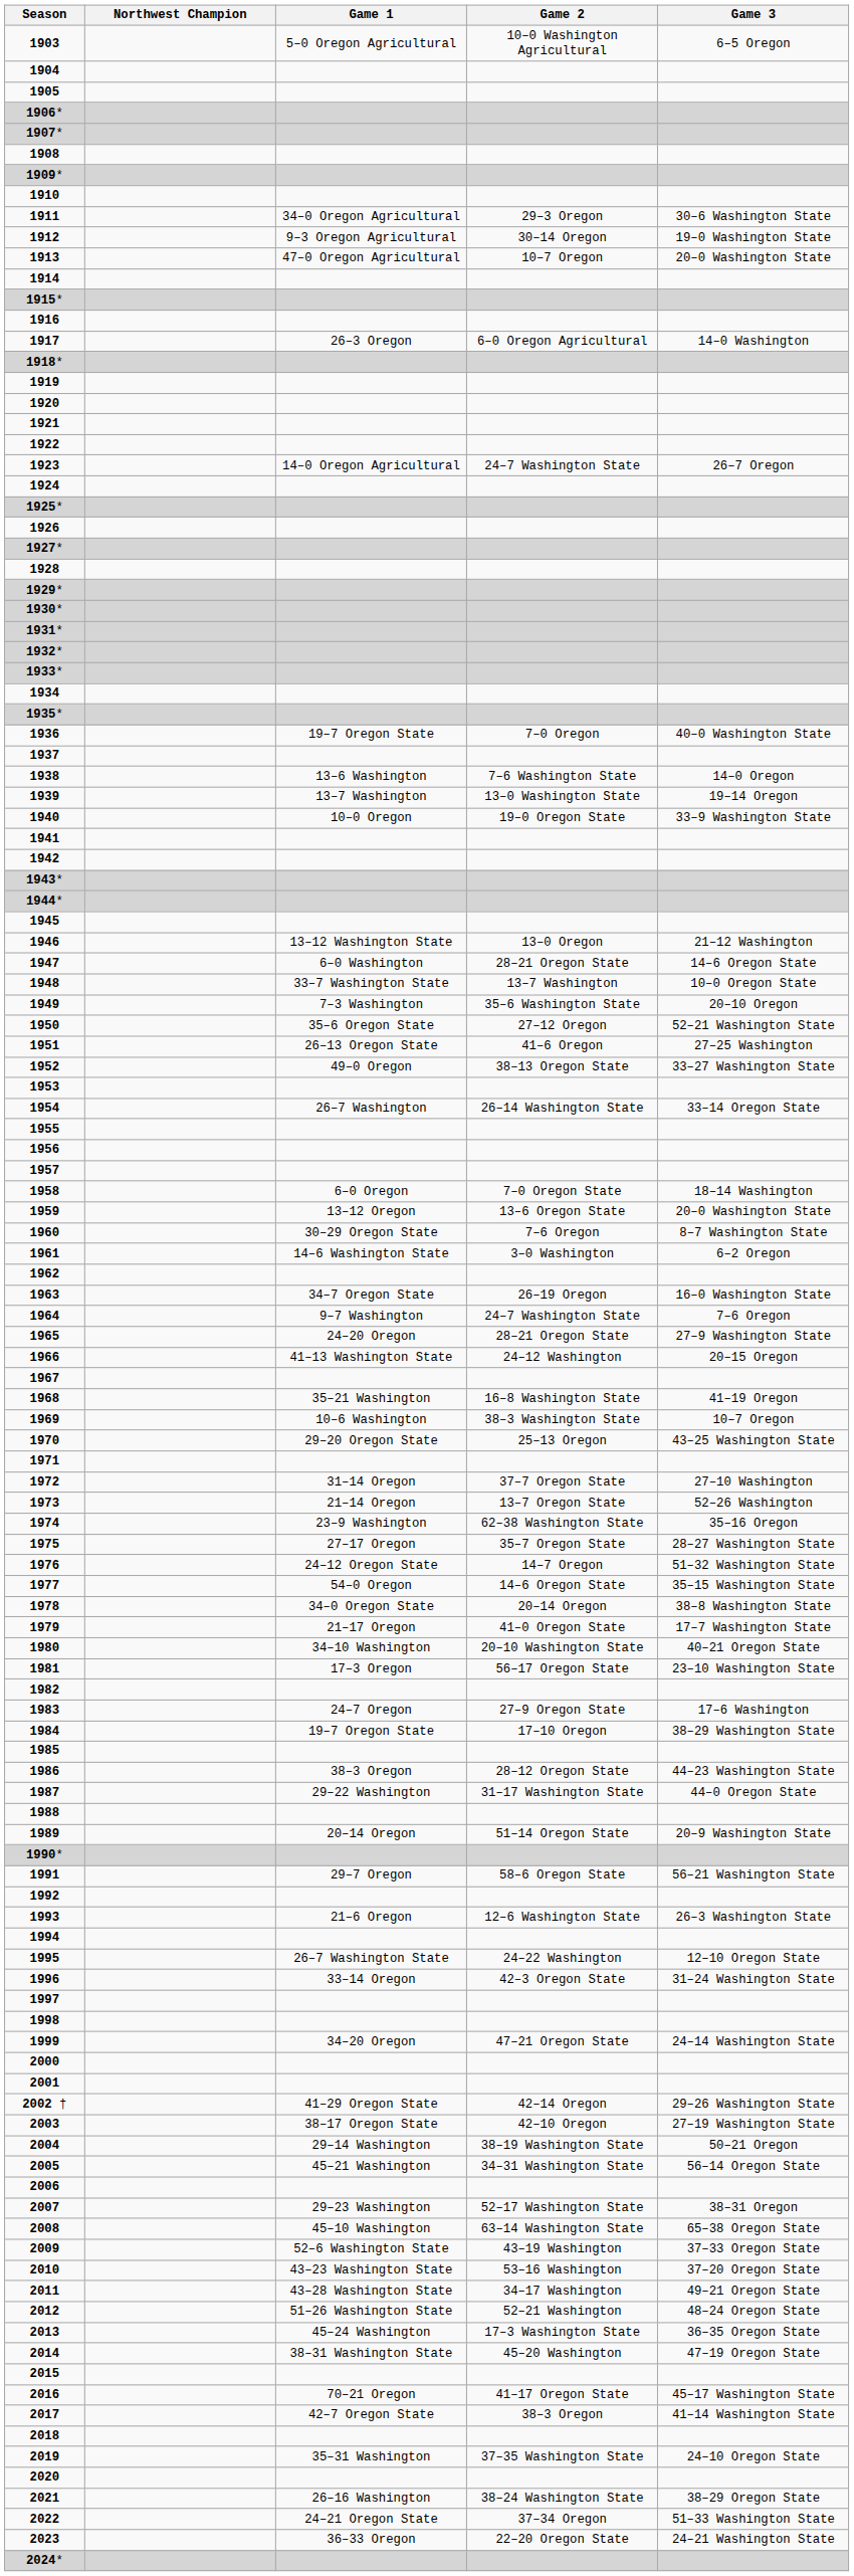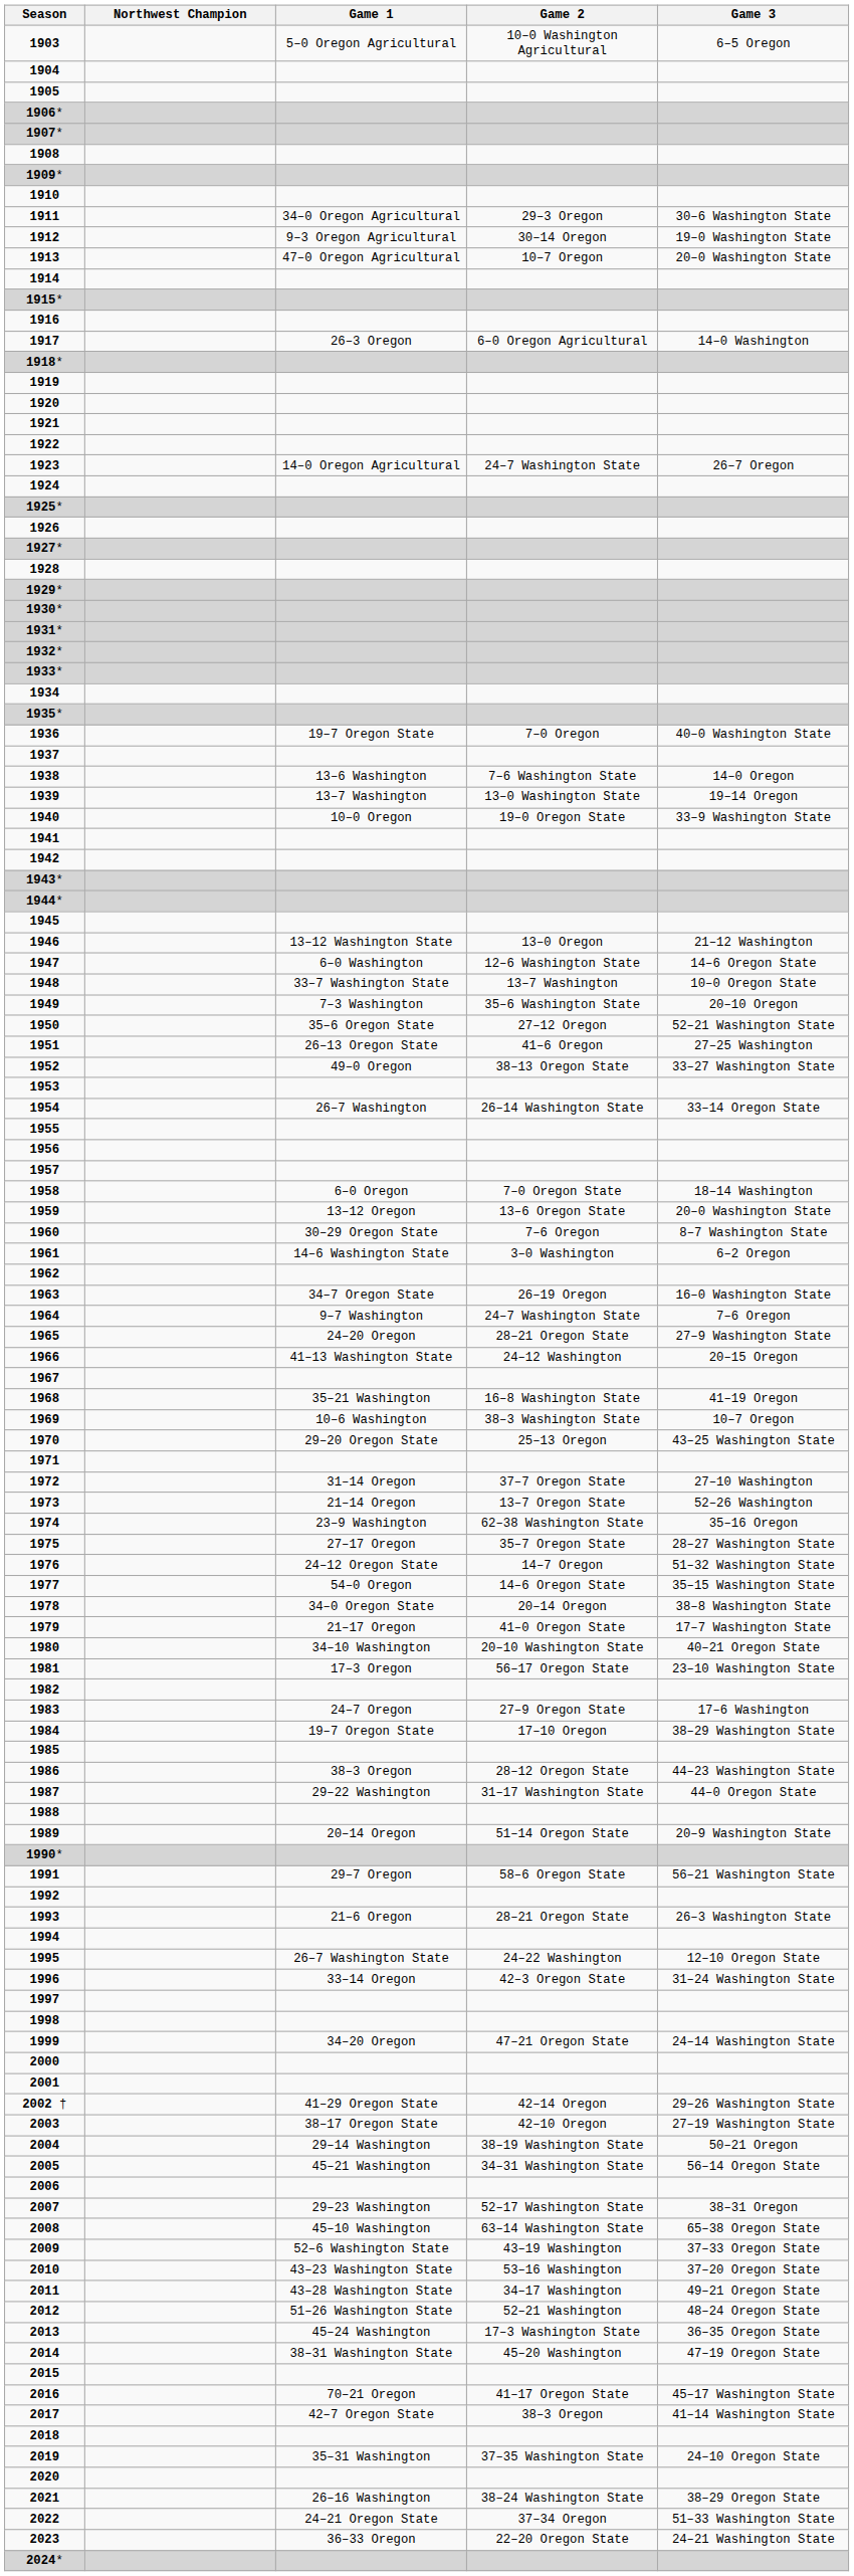 <table class="wikitable" style="font-size: 90%; text-align:center; float:left; margin-right:1em;">
 <tr>
 <th style="width:6em">Season</th>
 <th style="width:15em">Northwest Champion</th>
 <th style="width:15em">Game 1</th>
 <th style="width:15em">Game 2</th>
 <th style="width:15em">Game 3</th>
 </tr>
 <tr>
 <td><strong>1903</strong></td>
 <td><strong></strong></td>
 <td>5–0 Oregon Agricultural</td>
 <td>10–0 Washington Agricultural</td>
 <td>6–5 Oregon</td>
 </tr>
 <tr>
 <td><strong>1904</strong></td>
 <td></td>
 <td></td>
 <td></td>
 <td></td>
 </tr>
 <tr>
 <td><strong>1905</strong></td>
 <td></td>
 <td></td>
 <td></td>
 <td></td>
 </tr>
 <tr bgcolor="#D5D5D5">
 <td><strong>1906</strong>*</td>
 <td></td>
 <td></td>
 <td></td>
 <td></td>
 </tr>
 <tr bgcolor="#D5D5D5">
 <td><strong>1907</strong>*</td>
 <td></td>
 <td></td>
 <td></td>
 <td></td>
 </tr>
 <tr>
 <td><strong>1908</strong></td>
 <td></td>
 <td></td>
 <td></td>
 <td></td>
 </tr>
 <tr bgcolor="#D5D5D5">
 <td><strong>1909</strong>*</td>
 <td></td>
 <td></td>
 <td></td>
 <td></td>
 </tr>
 <tr>
 <td><strong>1910</strong></td>
 <td></td>
 <td></td>
 <td></td>
 <td></td>
 </tr>
 <tr>
 <td><strong>1911</strong></td>
 <td><strong></strong></td>
 <td>34–0 Oregon Agricultural</td>
 <td>29–3 Oregon</td>
 <td>30–6 Washington State</td>
 </tr>
 <tr>
 <td><strong>1912</strong></td>
 <td><strong></strong></td>
 <td>9–3 Oregon Agricultural</td>
 <td>30–14 Oregon</td>
 <td>19–0 Washington State</td>
 </tr>
 <tr>
 <td><strong>1913</strong></td>
 <td><strong></strong></td>
 <td>47–0 Oregon Agricultural</td>
 <td>10–7 Oregon</td>
 <td>20–0 Washington State</td>
 </tr>
 <tr>
 <td><strong>1914</strong></td>
 <td></td>
 <td></td>
 <td></td>
 <td></td>
 </tr>
 <tr bgcolor="#D5D5D5">
 <td><strong>1915</strong>*</td>
 <td></td>
 <td></td>
 <td></td>
 <td></td>
 </tr>
 <tr>
 <td><strong>1916</strong></td>
 <td></td>
 <td></td>
 <td></td>
 <td></td>
 </tr>
 <tr>
 <td><strong>1917</strong></td>
 <td><strong></strong></td>
 <td>26–3 Oregon</td>
 <td>6–0 Oregon Agricultural</td>
 <td>14–0 Washington</td>
 </tr>
 <tr bgcolor="#D5D5D5">
 <td><strong>1918</strong>*</td>
 <td></td>
 <td></td>
 <td></td>
 <td></td>
 </tr>
 <tr>
 <td><strong>1919</strong></td>
 <td></td>
 <td></td>
 <td></td>
 <td></td>
 </tr>
 <tr>
 <td><strong>1920</strong></td>
 <td></td>
 <td></td>
 <td></td>
 <td></td>
 </tr>
 <tr>
 <td><strong>1921</strong></td>
 <td></td>
 <td></td>
 <td></td>
 <td></td>
 </tr>
 <tr>
 <td><strong>1922</strong></td>
 <td></td>
 <td></td>
 <td></td>
 <td></td>
 </tr>
 <tr>
 <td><strong>1923</strong></td>
 <td><strong></strong></td>
 <td>14–0 Oregon Agricultural</td>
 <td>24–7 Washington State</td>
 <td>26–7 Oregon</td>
 </tr>
 <tr>
 <td><strong>1924</strong></td>
 <td></td>
 <td></td>
 <td></td>
 <td></td>
 </tr>
 <tr bgcolor="#D5D5D5">
 <td><strong>1925</strong>*</td>
 <td></td>
 <td></td>
 <td></td>
 <td></td>
 </tr>
 <tr>
 <td><strong>1926</strong></td>
 <td></td>
 <td></td>
 <td></td>
 <td></td>
 </tr>
 <tr bgcolor="#D5D5D5">
 <td><strong>1927</strong>*</td>
 <td></td>
 <td></td>
 <td></td>
 <td></td>
 </tr>
 <tr>
 <td><strong>1928</strong></td>
 <td></td>
 <td></td>
 <td></td>
 <td></td>
 </tr>
 <tr bgcolor="#D5D5D5">
 <td><strong>1929</strong>*</td>
 <td></td>
 <td></td>
 <td></td>
 <td></td>
 </tr>
 <tr bgcolor="#D5D5D5">
 <td><strong>1930</strong>*</td>
 <td></td>
 <td></td>
 <td></td>
 <td></td>
 </tr>
 <tr bgcolor="#D5D5D5">
 <td><strong>1931</strong>*</td>
 <td></td>
 <td></td>
 <td></td>
 <td></td>
 </tr>
 <tr bgcolor="#D5D5D5">
 <td><strong>1932</strong>*</td>
 <td></td>
 <td></td>
 <td></td>
 <td></td>
 </tr>
 <tr bgcolor="#D5D5D5">
 <td><strong>1933</strong>*</td>
 <td></td>
 <td></td>
 <td></td>
 <td></td>
 </tr>
 <tr>
 <td><strong>1934</strong></td>
 <td></td>
 <td></td>
 <td></td>
 <td></td>
 </tr>
 <tr bgcolor="#D5D5D5">
 <td><strong>1935</strong>*</td>
 <td></td>
 <td></td>
 <td></td>
 <td></td>
 </tr>
 <tr>
 <td><strong>1936</strong></td>
 <td><strong></strong></td>
 <td>19–7 Oregon State</td>
 <td>7–0 Oregon</td>
 <td>40–0 Washington State</td>
 </tr>
 <tr>
 <td><strong>1937</strong></td>
 <td></td>
 <td></td>
 <td></td>
 <td></td>
 </tr>
 <tr>
 <td><strong>1938</strong></td>
 <td><strong></strong></td>
 <td>13–6 Washington</td>
 <td>7–6 Washington State</td>
 <td>14–0 Oregon</td>
 </tr>
 <tr>
 <td><strong>1939</strong></td>
 <td><strong></strong></td>
 <td>13–7 Washington</td>
 <td>13–0 Washington State</td>
 <td>19–14 Oregon</td>
 </tr>
 <tr>
 <td><strong>1940</strong></td>
 <td><strong></strong></td>
 <td>10–0 Oregon</td>
 <td>19–0 Oregon State</td>
 <td>33–9 Washington State</td>
 </tr>
 <tr>
 <td><strong>1941</strong></td>
 <td></td>
 <td></td>
 <td></td>
 <td></td>
 </tr>
 <tr>
 <td><strong>1942</strong></td>
 <td></td>
 <td></td>
 <td></td>
 <td></td>
 </tr>
 <tr bgcolor="#D5D5D5">
 <td><strong>1943</strong>*</td>
 <td></td>
 <td></td>
 <td></td>
 <td></td>
 </tr>
 <tr bgcolor="#D5D5D5">
 <td><strong>1944</strong>*</td>
 <td></td>
 <td></td>
 <td></td>
 <td></td>
 </tr>
 <tr>
 <td><strong>1945</strong></td>
 <td></td>
 <td></td>
 <td></td>
 <td></td>
 </tr>
 <tr>
 <td><strong>1946</strong></td>
 <td><strong></strong></td>
 <td>13–12 Washington State</td>
 <td>13–0 Oregon</td>
 <td>21–12 Washington</td>
 </tr>
 <tr>
 <td><strong>1947</strong></td>
 <td><strong></strong></td>
 <td>6–0 Washington</td>
-<td>28–21 Oregon State</td>
+<td>12–6 Washington State</td>
 <td>14–6 Oregon State</td>
 </tr>
 <tr>
 <td><strong>1948</strong></td>
 <td><strong></strong></td>
 <td>33–7 Washington State</td>
 <td>13–7 Washington</td>
 <td>10–0 Oregon State</td>
 </tr>
 <tr>
 <td><strong>1949</strong></td>
 <td><strong></strong></td>
 <td>7–3 Washington</td>
 <td>35–6 Washington State</td>
 <td>20–10 Oregon</td>
 </tr>
 <tr>
 <td><strong>1950</strong></td>
 <td><strong></strong></td>
 <td>35–6 Oregon State</td>
 <td>27–12 Oregon</td>
 <td>52–21 Washington State</td>
 </tr>
 <tr>
 <td><strong>1951</strong></td>
 <td><strong></strong></td>
 <td>26–13 Oregon State</td>
 <td>41–6 Oregon</td>
 <td>27–25 Washington</td>
 </tr>
 <tr>
 <td><strong>1952</strong></td>
 <td><strong></strong></td>
 <td>49–0 Oregon</td>
 <td>38–13 Oregon State</td>
 <td>33–27 Washington State</td>
 </tr>
 <tr>
 <td><strong>1953</strong></td>
 <td></td>
 <td></td>
 <td></td>
 <td></td>
 </tr>
 <tr>
 <td><strong>1954</strong></td>
 <td><strong></strong></td>
 <td>26–7 Washington</td>
 <td>26–14 Washington State</td>
 <td>33–14 Oregon State</td>
 </tr>
 <tr>
 <td><strong>1955</strong></td>
 <td></td>
 <td></td>
 <td></td>
 <td></td>
 </tr>
 <tr>
 <td><strong>1956</strong></td>
 <td></td>
 <td></td>
 <td></td>
 <td></td>
 </tr>
 <tr>
 <td><strong>1957</strong></td>
 <td></td>
 <td></td>
 <td></td>
 <td></td>
 </tr>
 <tr>
 <td><strong>1958</strong></td>
 <td><strong></strong></td>
 <td>6–0 Oregon</td>
 <td>7–0 Oregon State</td>
 <td>18–14 Washington</td>
 </tr>
 <tr>
 <td><strong>1959</strong></td>
 <td><strong></strong></td>
 <td>13–12 Oregon</td>
 <td>13–6 Oregon State</td>
 <td>20–0 Washington State</td>
 </tr>
 <tr>
 <td><strong>1960</strong></td>
 <td><strong></strong></td>
 <td>30–29 Oregon State</td>
 <td>7–6 Oregon</td>
 <td>8–7 Washington State</td>
 </tr>
 <tr>
 <td><strong>1961</strong></td>
 <td><strong></strong></td>
 <td>14–6 Washington State</td>
 <td>3–0 Washington</td>
 <td>6–2 Oregon</td>
 </tr>
 <tr>
 <td><strong>1962</strong></td>
 <td></td>
 <td></td>
 <td></td>
 <td></td>
 </tr>
 <tr>
 <td><strong>1963</strong></td>
 <td><strong></strong></td>
 <td>34–7 Oregon State</td>
 <td>26–19 Oregon</td>
 <td>16–0 Washington State</td>
 </tr>
 <tr>
 <td><strong>1964</strong></td>
 <td><strong></strong></td>
 <td>9–7 Washington</td>
 <td>24–7 Washington State</td>
 <td>7–6 Oregon</td>
 </tr>
 <tr>
 <td><strong>1965</strong></td>
 <td><strong></strong></td>
 <td>24–20 Oregon</td>
 <td>28–21 Oregon State</td>
 <td>27–9 Washington State</td>
 </tr>
 <tr>
 <td><strong>1966</strong></td>
 <td><strong></strong></td>
 <td>41–13 Washington State</td>
 <td>24–12 Washington</td>
 <td>20–15 Oregon</td>
 </tr>
 <tr>
 <td><strong>1967</strong></td>
 <td></td>
 <td></td>
 <td></td>
 <td></td>
 </tr>
 <tr>
 <td><strong>1968</strong></td>
 <td><strong></strong></td>
 <td>35–21 Washington</td>
 <td>16–8 Washington State</td>
 <td>41–19 Oregon</td>
 </tr>
 <tr>
 <td><strong>1969</strong></td>
 <td><strong></strong></td>
 <td>10–6 Washington</td>
 <td>38–3 Washington State</td>
 <td>10–7 Oregon</td>
 </tr>
 <tr>
 <td><strong>1970</strong></td>
 <td><strong></strong></td>
 <td>29–20 Oregon State</td>
 <td>25–13 Oregon</td>
 <td>43–25 Washington State</td>
 </tr>
 <tr>
 <td><strong>1971</strong></td>
 <td></td>
 <td></td>
 <td></td>
 <td></td>
 </tr>
 <tr>
 <td><strong>1972</strong></td>
 <td><strong></strong></td>
 <td>31–14 Oregon</td>
 <td>37–7 Oregon State</td>
 <td>27–10 Washington</td>
 </tr>
 <tr>
 <td><strong>1973</strong></td>
 <td><strong></strong></td>
 <td>21–14 Oregon</td>
 <td>13–7 Oregon State</td>
 <td>52–26 Washington</td>
 </tr>
 <tr>
 <td><strong>1974</strong></td>
 <td><strong></strong></td>
 <td>23–9 Washington</td>
 <td>62–38 Washington State</td>
 <td>35–16 Oregon</td>
 </tr>
 <tr>
 <td><strong>1975</strong></td>
 <td><strong></strong></td>
 <td>27–17 Oregon</td>
 <td>35–7 Oregon State</td>
 <td>28–27 Washington State</td>
 </tr>
 <tr>
 <td><strong>1976</strong></td>
 <td><strong></strong></td>
 <td>24–12 Oregon State</td>
 <td>14–7 Oregon</td>
 <td>51–32 Washington State</td>
 </tr>
 <tr>
 <td><strong>1977</strong></td>
 <td><strong></strong></td>
 <td>54–0 Oregon</td>
 <td>14–6 Oregon State</td>
 <td>35–15 Washington State</td>
 </tr>
 <tr>
 <td><strong>1978</strong></td>
 <td><strong></strong></td>
 <td>34–0 Oregon State</td>
 <td>20–14 Oregon</td>
 <td>38–8 Washington State</td>
 </tr>
 <tr>
 <td><strong>1979</strong></td>
 <td><strong></strong></td>
 <td>21–17 Oregon</td>
 <td>41–0 Oregon State</td>
 <td>17–7 Washington State</td>
 </tr>
 <tr>
 <td><strong>1980</strong></td>
 <td><strong></strong></td>
 <td>34–10 Washington</td>
 <td>20–10 Washington State</td>
 <td>40–21 Oregon State</td>
 </tr>
 <tr>
 <td><strong>1981</strong></td>
 <td><strong></strong></td>
 <td>17–3 Oregon</td>
 <td>56–17 Oregon State</td>
 <td>23–10 Washington State</td>
 </tr>
 <tr>
 <td><strong>1982</strong></td>
 <td></td>
 <td></td>
 <td></td>
 <td></td>
 </tr>
 <tr>
 <td><strong>1983</strong></td>
 <td><strong></strong></td>
 <td>24–7 Oregon</td>
 <td>27–9 Oregon State</td>
 <td>17–6 Washington</td>
 </tr>
 <tr>
 <td><strong>1984</strong></td>
 <td><strong></strong></td>
 <td>19–7 Oregon State</td>
 <td>17–10 Oregon</td>
 <td>38–29 Washington State</td>
 </tr>
 <tr>
 <td><strong>1985</strong></td>
 <td></td>
 <td></td>
 <td></td>
 <td></td>
 </tr>
 <tr>
 <td><strong>1986</strong></td>
 <td><strong></strong></td>
 <td>38–3 Oregon</td>
 <td>28–12 Oregon State</td>
 <td>44–23 Washington State</td>
 </tr>
 <tr>
 <td><strong>1987</strong></td>
 <td><strong></strong></td>
 <td>29–22 Washington</td>
 <td>31–17 Washington State</td>
 <td>44–0 Oregon State</td>
 </tr>
 <tr>
 <td><strong>1988</strong></td>
 <td></td>
 <td></td>
 <td></td>
 <td></td>
 </tr>
 <tr>
 <td><strong>1989</strong></td>
 <td><strong></strong></td>
 <td>20–14 Oregon</td>
 <td>51–14 Oregon State</td>
 <td>20–9 Washington State</td>
 </tr>
 <tr bgcolor="#D5D5D5">
 <td><strong>1990</strong>*</td>
 <td></td>
 <td></td>
 <td></td>
 <td></td>
 </tr>
 <tr>
 <td><strong>1991</strong></td>
 <td><strong></strong></td>
 <td>29–7 Oregon</td>
 <td>58–6 Oregon State</td>
 <td>56–21 Washington State</td>
 </tr>
 <tr>
 <td><strong>1992</strong></td>
 <td></td>
 <td></td>
 <td></td>
 <td></td>
 </tr>
 <tr>
 <td><strong>1993</strong></td>
 <td><strong></strong></td>
 <td>21–6 Oregon</td>
-<td>12–6 Washington State</td>
+<td>28–21 Oregon State</td>
 <td>26–3 Washington State</td>
 </tr>
 <tr>
 <td><strong>1994</strong></td>
 <td></td>
 <td></td>
 <td></td>
 <td></td>
 </tr>
 <tr>
 <td><strong>1995</strong></td>
 <td><strong></strong></td>
 <td>26–7 Washington State</td>
 <td>24–22 Washington</td>
 <td>12–10 Oregon State</td>
 </tr>
 <tr>
 <td><strong>1996</strong></td>
 <td><strong></strong></td>
 <td>33–14 Oregon</td>
 <td>42–3 Oregon State</td>
 <td>31–24  Washington State</td>
 </tr>
 <tr>
 <td><strong>1997</strong></td>
 <td></td>
 <td></td>
 <td></td>
 <td></td>
 </tr>
 <tr>
 <td><strong>1998</strong></td>
 <td></td>
 <td></td>
 <td></td>
 <td></td>
 </tr>
 <tr>
 <td><strong>1999</strong></td>
 <td><strong></strong></td>
 <td>34–20 Oregon</td>
 <td>47–21 Oregon State</td>
 <td>24–14 Washington State</td>
 </tr>
 <tr>
 <td><strong>2000</strong></td>
 <td></td>
 <td></td>
 <td></td>
 <td></td>
 </tr>
 <tr>
 <td><strong>2001</strong></td>
 <td></td>
 <td></td>
 <td></td>
 <td></td>
 </tr>
 <tr>
 <td><strong>2002</strong> †</td>
 <td><strong></strong></td>
 <td>41–29 Oregon State</td>
 <td>42–14 Oregon</td>
 <td>29–26  Washington State</td>
 </tr>
 <tr>
 <td><strong>2003</strong></td>
 <td><strong></strong></td>
 <td>38–17 Oregon State</td>
 <td>42–10 Oregon</td>
 <td>27–19 Washington State</td>
 </tr>
 <tr>
 <td><strong>2004</strong></td>
 <td><strong></strong></td>
 <td>29–14 Washington</td>
 <td>38–19 Washington State</td>
 <td>50–21 Oregon</td>
 </tr>
 <tr>
 <td><strong>2005</strong></td>
 <td><strong></strong></td>
 <td>45–21 Washington</td>
 <td>34–31 Washington State</td>
 <td>56–14 Oregon State</td>
 </tr>
 <tr>
 <td><strong>2006</strong></td>
 <td></td>
 <td></td>
 <td></td>
 <td></td>
 </tr>
 <tr>
 <td><strong>2007</strong></td>
 <td><strong></strong></td>
 <td>29–23 Washington</td>
 <td>52–17 Washington State</td>
 <td>38–31  Oregon</td>
 </tr>
 <tr>
 <td><strong>2008</strong></td>
 <td><strong></strong></td>
 <td>45–10 Washington</td>
 <td>63–14 Washington State</td>
 <td>65–38 Oregon State</td>
 </tr>
 <tr>
 <td><strong>2009</strong></td>
 <td><strong></strong></td>
 <td>52–6 Washington State</td>
 <td>43–19 Washington</td>
 <td>37–33 Oregon State</td>
 </tr>
 <tr>
 <td><strong>2010</strong></td>
 <td><strong></strong></td>
 <td>43–23 Washington State</td>
 <td>53–16 Washington</td>
 <td>37–20 Oregon State</td>
 </tr>
 <tr>
 <td><strong>2011</strong></td>
 <td><strong></strong></td>
 <td>43–28 Washington State</td>
 <td>34–17 Washington</td>
 <td>49–21 Oregon State</td>
 </tr>
 <tr>
 <td><strong>2012</strong></td>
 <td><strong></strong></td>
 <td>51–26 Washington State</td>
 <td>52–21 Washington</td>
 <td>48–24 Oregon State</td>
 </tr>
 <tr>
 <td><strong>2013</strong></td>
 <td><strong></strong></td>
 <td>45–24 Washington</td>
 <td>17–3 Washington State</td>
 <td>36–35 Oregon State</td>
 </tr>
 <tr>
 <td><strong>2014</strong></td>
 <td><strong></strong></td>
 <td>38–31 Washington State</td>
 <td>45–20 Washington</td>
 <td>47–19 Oregon State</td>
 </tr>
 <tr>
 <td><strong>2015</strong></td>
 <td></td>
 <td></td>
 <td></td>
 <td></td>
 </tr>
 <tr>
 <td><strong>2016</strong></td>
 <td><strong></strong></td>
 <td>70–21 Oregon</td>
 <td>41–17 Oregon State</td>
 <td>45–17 Washington State</td>
 </tr>
 <tr>
 <td><strong>2017</strong></td>
 <td><strong></strong></td>
 <td>42–7 Oregon State</td>
 <td>38–3 Oregon</td>
 <td>41–14 Washington State</td>
 </tr>
 <tr>
 <td><strong>2018</strong></td>
 <td></td>
 <td></td>
 <td></td>
 <td></td>
 </tr>
 <tr>
 <td><strong>2019</strong></td>
 <td><strong></strong></td>
 <td>35–31 Washington</td>
 <td>37–35 Washington State</td>
 <td>24–10 Oregon State</td>
 </tr>
 <tr>
 <td><strong>2020</strong></td>
 <td></td>
 <td></td>
 <td></td>
 <td></td>
 </tr>
 <tr>
 <td><strong>2021</strong></td>
 <td><strong></strong></td>
 <td>26–16 Washington</td>
 <td>38–24 Washington State</td>
 <td>38–29 Oregon State</td>
 </tr>
 <tr>
 <td><strong>2022</strong></td>
 <td><strong></strong></td>
 <td>24–21 Oregon State</td>
 <td>37–34 Oregon</td>
 <td>51–33 Washington State</td>
 </tr>
 <tr>
 <td><strong>2023</strong></td>
 <td><strong></strong></td>
 <td>36–33 Oregon</td>
 <td>22–20 Oregon State</td>
 <td>24–21 Washington State</td>
 </tr>
 <tr bgcolor="#D5D5D5">
 <td><strong>2024</strong>*</td>
 <td></td>
 <td></td>
 <td></td>
 <td></td>
 </tr>
 </table>
